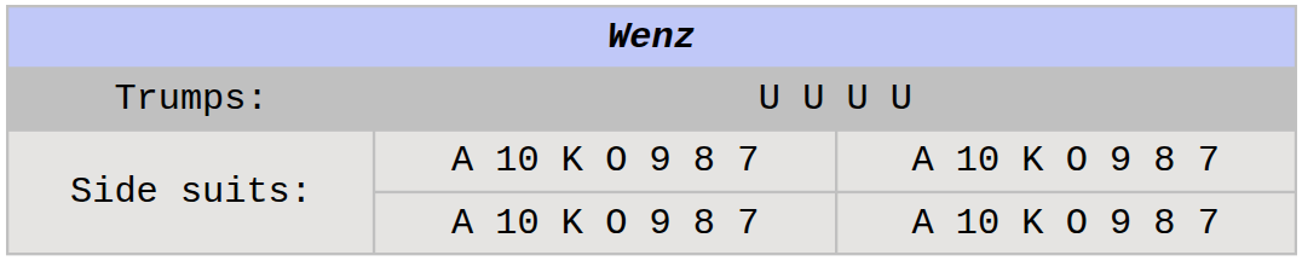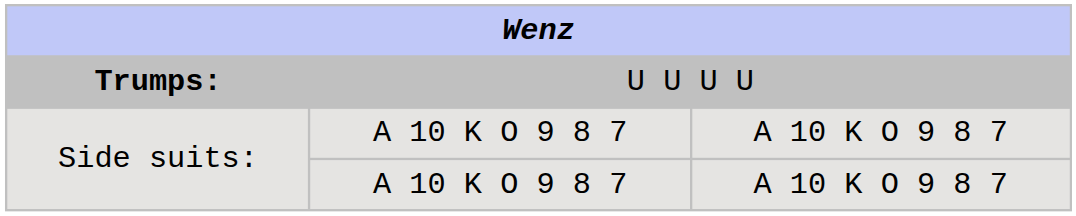 <table cellpadding="3" style="float: right; background: #C0C0C0; margin-left: 1em; border-spacing: 1px;">
 <tr align="center">
 <td style="background: #c0c8f8;" colspan="3" width="450"><strong><em>Wenz</em></strong></td>
 </tr>
 <tr align="center">
-<td>Trumps:</td>
+<td><strong>Trumps:</strong></td>
 <td colspan="2">U U U U</td>
 </tr>
 <tr align="center">
 <td rowspan = "2" style="background: #e5e4e2;">Side suits:</td>
 <td style="background: #e5e4e2;">A 10 K O 9 8 7</td>
 <td style="background: #e5e4e2;">A 10 K O 9 8 7</td>
 </tr>
 <tr align="center">
 <td style="background: #e5e4e2;">A 10 K O 9 8 7</td>
 <td style="background: #e5e4e2;">A 10 K O 9 8 7</td>
 </tr>
 </table>
